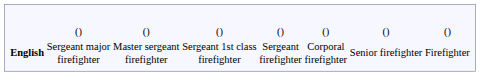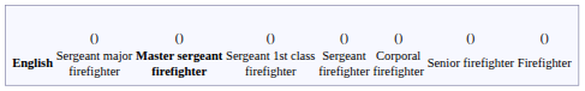 <table style="border:1px solid #8888aa; background-color:#f7f8ff; padding:5px; font-size:95%; margin: 0px 12px 12px 0px;">
 <tr style="text-align:center;">
 <th rowspan=2></th>
 <td colspan=1></td>
 <td colspan=1></td>
 <td colspan=2></td>
 <td colspan=6></td>
 <td colspan=6></td>
 <td colspan=4></td>
 <td colspan=6></td>
 </tr>
 <tr style="text-align:center;">
 <td colspan=1><br>()</td>
 <td colspan=1><br>()</td>
 <td colspan=2><br>()</td>
 <td colspan=6><br>()</td>
 <td colspan=6><br>()</td>
 <td colspan=4><br>()</td>
 <td colspan=6><br>()</td>
 </tr>
 <tr style="text-align:center;">
 <th>English</th>
 <td colspan=1>Sergeant major<br> firefighter</td>
-<td colspan=1>Master sergeant<br> firefighter</td>
+<td colspan=1><strong>Master sergeant<br> firefighter</strong></td>
 <td colspan=2>Sergeant 1st class<br> firefighter</td>
 <td colspan=6>Sergeant<br> firefighter</td>
 <td colspan=6>Corporal<br> firefighter</td>
 <td colspan=4>Senior firefighter</td>
 <td colspan=6>Firefighter</td>
 </tr>
 </table>
